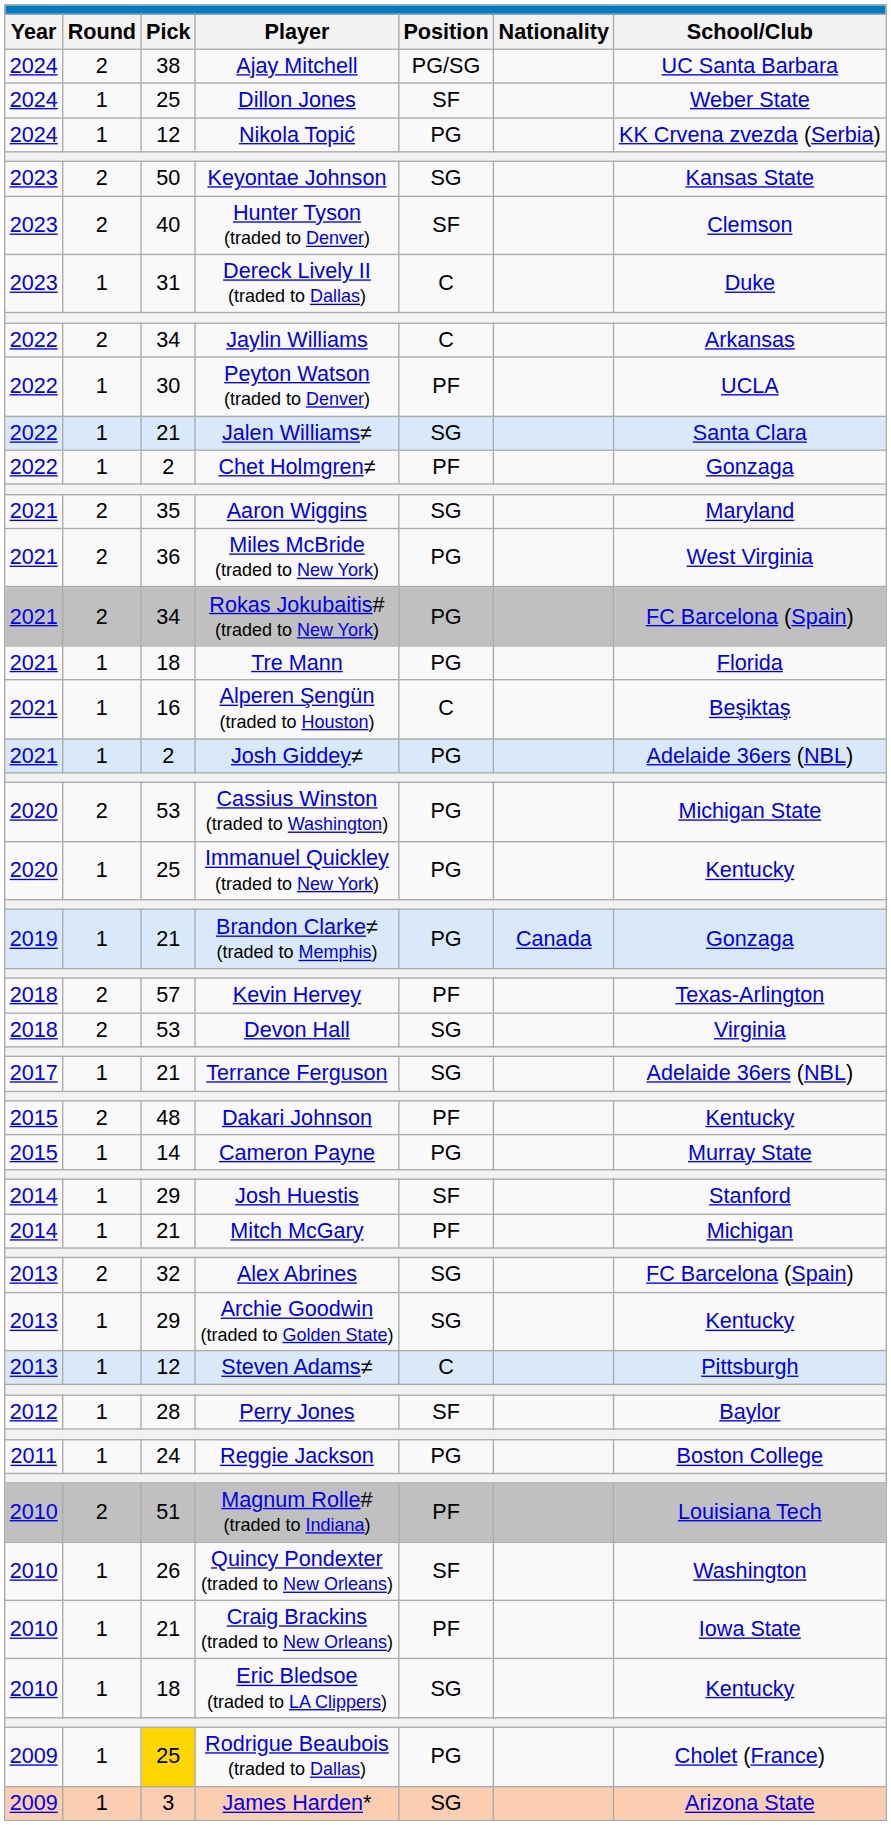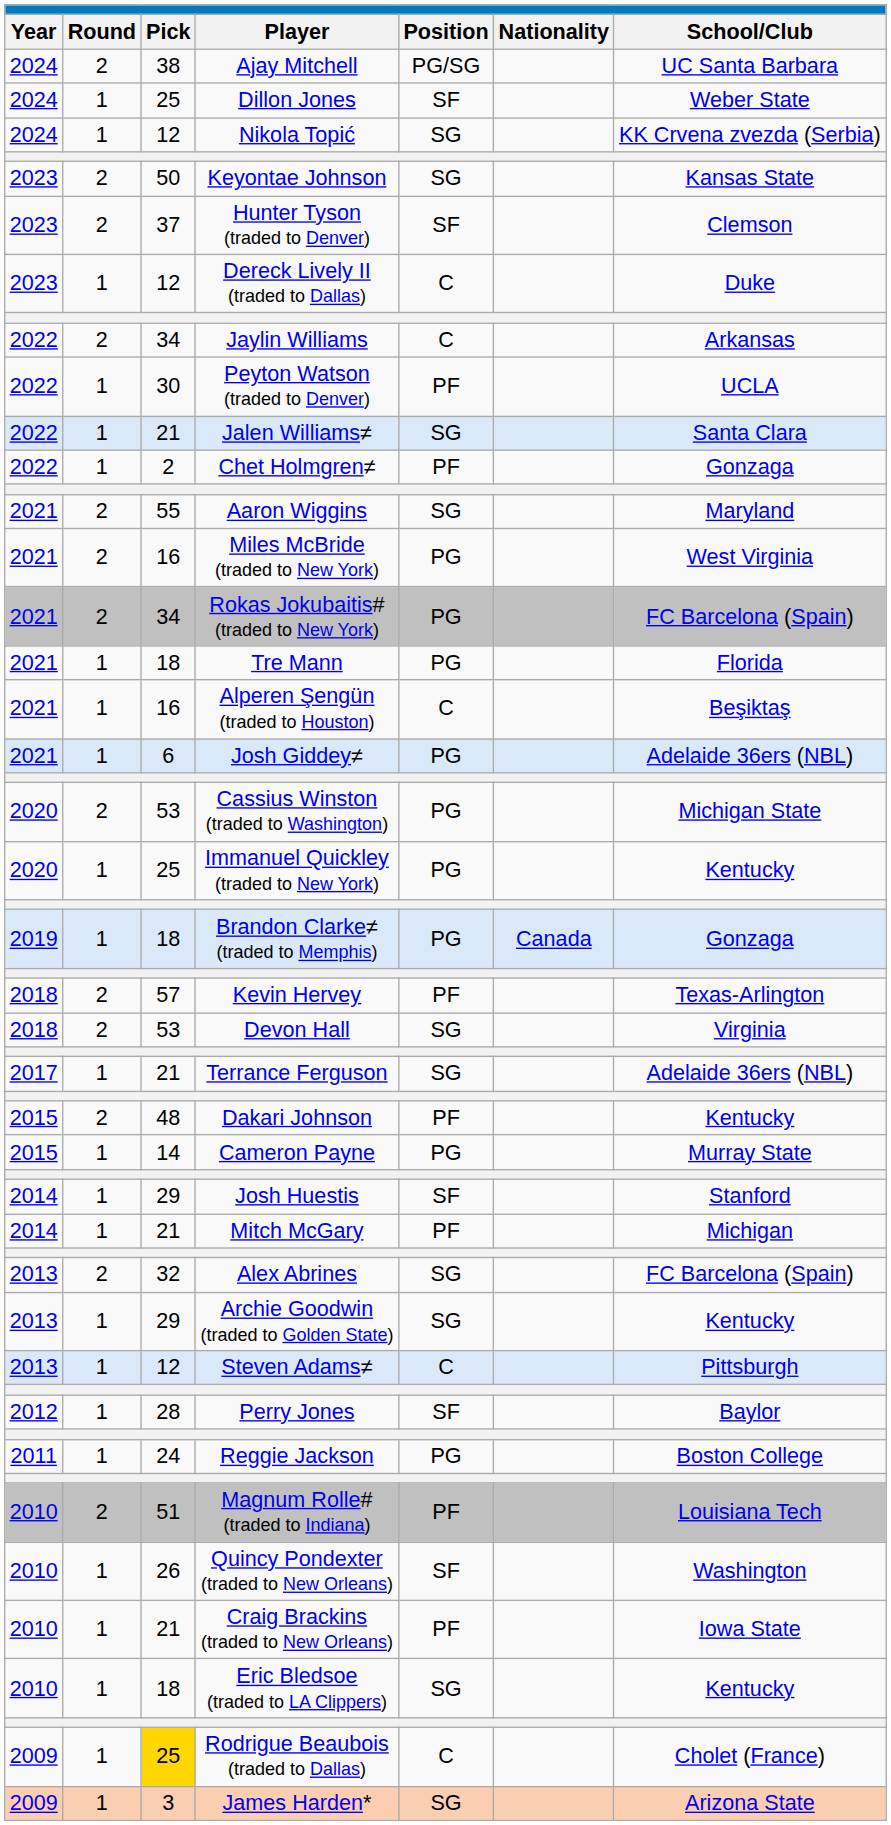 <table class="wikitable">
 <tr>
 <td colspan=7 style="background:#007AC1; text-align: center"></td>
 </tr>
 <tr>
 <th>Year</th>
 <th>Round</th>
 <th>Pick</th>
 <th>Player</th>
 <th>Position</th>
 <th>Nationality</th>
 <th>School/Club</th>
 </tr>
 <tr style="text-align: center">
 <td><a href='#'>2024</a></td>
 <td>2</td>
 <td>38</td>
 <td><a href='#'>Ajay Mitchell</a></td>
 <td>PG/SG</td>
 <td></td>
 <td><a href='#'>UC Santa Barbara</a></td>
 </tr>
 <tr style="text-align: center">
 <td><a href='#'>2024</a></td>
 <td>1</td>
 <td>25</td>
 <td><a href='#'>Dillon Jones</a></td>
 <td>SF</td>
 <td></td>
 <td><a href='#'>Weber State</a></td>
 </tr>
 <tr style="text-align: center">
 <td><a href='#'>2024</a></td>
 <td>1</td>
 <td>12</td>
 <td><a href='#'>Nikola Topić</a></td>
-<td>PG</td>
+<td>SG</td>
 <td></td>
 <td><a href='#'>KK Crvena zvezda</a> (<a href='#'>Serbia</a>)</td>
 </tr>
 <tr>
 <th scope="row" colspan="7" style="text-align:center;”"></th>
 </tr>
 <tr style="text-align: center">
 <td><a href='#'>2023</a></td>
 <td>2</td>
 <td>50</td>
 <td><a href='#'>Keyontae Johnson</a></td>
 <td>SG</td>
 <td></td>
 <td><a href='#'>Kansas State</a></td>
 </tr>
 <tr style="text-align: center">
 <td><a href='#'>2023</a></td>
 <td>2</td>
-<td>40</td>
+<td>37</td>
 <td><a href='#'>Hunter Tyson</a><br><small>(traded to <a href='#'>Denver</a>)</small></td>
 <td>SF</td>
 <td></td>
 <td><a href='#'>Clemson</a></td>
 </tr>
 <tr style="text-align: center">
 <td><a href='#'>2023</a></td>
 <td>1</td>
-<td>31</td>
+<td>12</td>
 <td><a href='#'>Dereck Lively II</a><br><small>(traded to <a href='#'>Dallas</a>)</small></td>
 <td>C</td>
 <td></td>
 <td><a href='#'>Duke</a></td>
 </tr>
 <tr>
 <th scope="row" colspan="7" style="text-align:center;”"></th>
 </tr>
 <tr style="text-align: center">
 <td><a href='#'>2022</a></td>
 <td>2</td>
 <td>34</td>
 <td><a href='#'>Jaylin Williams</a></td>
 <td>C</td>
 <td></td>
 <td><a href='#'>Arkansas</a></td>
 </tr>
 <tr style="text-align: center">
 <td><a href='#'>2022</a></td>
 <td>1</td>
 <td>30</td>
 <td><a href='#'>Peyton Watson</a><br><small>(traded to <a href='#'>Denver</a>)</small></td>
 <td>PF</td>
 <td></td>
 <td><a href='#'>UCLA</a></td>
 </tr>
 <tr style="background-color: #D9E9F9; text-align: center">
 <td><a href='#'>2022</a></td>
 <td>1</td>
 <td>21</td>
 <td><a href='#'>Jalen Williams</a>≠</td>
 <td>SG</td>
 <td></td>
 <td><a href='#'>Santa Clara</a></td>
 </tr>
 <tr style="text-align: center">
 <td><a href='#'>2022</a></td>
 <td>1</td>
 <td>2</td>
 <td><a href='#'>Chet Holmgren</a>≠</td>
 <td>PF</td>
 <td></td>
 <td><a href='#'>Gonzaga</a></td>
 </tr>
 <tr>
 <th scope="row" colspan="7" style="text-align:center;”"></th>
 </tr>
 <tr style="text-align: center">
 <td><a href='#'>2021</a></td>
 <td>2</td>
-<td>35</td>
+<td>55</td>
 <td><a href='#'>Aaron Wiggins</a></td>
 <td>SG</td>
 <td></td>
 <td><a href='#'>Maryland</a></td>
 </tr>
 <tr style="text-align: center">
 <td><a href='#'>2021</a></td>
 <td>2</td>
-<td>36</td>
+<td>16</td>
 <td><a href='#'>Miles McBride</a><br><small>(traded to <a href='#'>New York</a>)</small></td>
 <td>PG</td>
 <td></td>
 <td><a href='#'>West Virginia</a></td>
 </tr>
 <tr style="background-color: #C0C0C0; text-align: center">
 <td><a href='#'>2021</a></td>
 <td>2</td>
 <td>34</td>
 <td><a href='#'>Rokas Jokubaitis</a>#<br><small>(traded to <a href='#'>New York</a>)</small></td>
 <td>PG</td>
 <td></td>
 <td> <a href='#'>FC Barcelona</a> (<a href='#'>Spain</a>)</td>
 </tr>
 <tr style="text-align: center">
 <td><a href='#'>2021</a></td>
 <td>1</td>
 <td>18</td>
 <td><a href='#'>Tre Mann</a></td>
 <td>PG</td>
 <td></td>
 <td><a href='#'>Florida</a></td>
 </tr>
 <tr style="text-align: center">
 <td><a href='#'>2021</a></td>
 <td>1</td>
 <td>16</td>
 <td><a href='#'>Alperen Şengün</a><br><small>(traded to <a href='#'>Houston</a>)</small></td>
 <td>C</td>
 <td></td>
 <td><a href='#'>Beşiktaş</a></td>
 </tr>
 <tr style="background-color: #D9E9F9; text-align: center">
 <td><a href='#'>2021</a></td>
 <td>1</td>
-<td>2</td>
+<td>6</td>
 <td><a href='#'>Josh Giddey</a>≠</td>
 <td>PG</td>
 <td></td>
 <td> <a href='#'>Adelaide 36ers</a> (<a href='#'>NBL</a>)</td>
 </tr>
 <tr>
 <th scope="row" colspan="7" style="text-align:center;”"></th>
 </tr>
 <tr style="text-align: center">
 <td><a href='#'>2020</a></td>
 <td>2</td>
 <td>53</td>
 <td><a href='#'>Cassius Winston</a><br><small>(traded to <a href='#'>Washington</a>)</small></td>
 <td>PG</td>
 <td></td>
 <td><a href='#'>Michigan State</a></td>
 </tr>
 <tr style="text-align: center">
 <td><a href='#'>2020</a></td>
 <td>1</td>
 <td>25</td>
 <td><a href='#'>Immanuel Quickley</a><br><small>(traded to <a href='#'>New York</a>)</small></td>
 <td>PG</td>
 <td></td>
 <td><a href='#'>Kentucky</a></td>
 </tr>
 <tr>
 <th scope="row" colspan="7" style="text-align:center;”"></th>
 </tr>
 <tr style="background-color: #D9E9F9; text-align: center">
 <td><a href='#'>2019</a></td>
 <td>1</td>
-<td>21</td>
+<td>18</td>
 <td><a href='#'>Brandon Clarke</a>≠<br><small>(traded to <a href='#'>Memphis</a>)</small></td>
 <td>PG</td>
 <td> <a href='#'>Canada</a></td>
 <td><a href='#'>Gonzaga</a></td>
 </tr>
 <tr>
 <th scope="row" colspan="7" style="text-align:center;”"></th>
 </tr>
 <tr style="text-align: center">
 <td><a href='#'>2018</a></td>
 <td>2</td>
 <td>57</td>
 <td><a href='#'>Kevin Hervey</a></td>
 <td>PF</td>
 <td></td>
 <td><a href='#'>Texas-Arlington</a></td>
 </tr>
 <tr style="text-align: center">
 <td><a href='#'>2018</a></td>
 <td>2</td>
 <td>53</td>
 <td><a href='#'>Devon Hall</a></td>
 <td>SG</td>
 <td></td>
 <td><a href='#'>Virginia</a></td>
 </tr>
 <tr>
 <th scope="row" colspan="7" style="text-align:center;”"></th>
 </tr>
 <tr style="text-align: center">
 <td><a href='#'>2017</a></td>
 <td>1</td>
 <td>21</td>
 <td><a href='#'>Terrance Ferguson</a></td>
 <td>SG</td>
 <td></td>
 <td> <a href='#'>Adelaide 36ers</a> (<a href='#'>NBL</a>)</td>
 </tr>
 <tr>
 <th scope="row" colspan="7" style="text-align:center;”"></th>
 </tr>
 <tr style="text-align: center">
 <td><a href='#'>2015</a></td>
 <td>2</td>
 <td>48</td>
 <td><a href='#'>Dakari Johnson</a></td>
 <td>PF</td>
 <td></td>
 <td><a href='#'>Kentucky</a></td>
 </tr>
 <tr style="text-align: center">
 <td><a href='#'>2015</a></td>
 <td>1</td>
 <td>14</td>
 <td><a href='#'>Cameron Payne</a></td>
 <td>PG</td>
 <td></td>
 <td><a href='#'>Murray State</a></td>
 </tr>
 <tr>
 <th scope="row" colspan="7" style="text-align:center;”"></th>
 </tr>
 <tr style="text-align: center">
 <td><a href='#'>2014</a></td>
 <td>1</td>
 <td>29</td>
 <td><a href='#'>Josh Huestis</a></td>
 <td>SF</td>
 <td></td>
 <td><a href='#'>Stanford</a></td>
 </tr>
 <tr style="text-align: center">
 <td><a href='#'>2014</a></td>
 <td>1</td>
 <td>21</td>
 <td><a href='#'>Mitch McGary</a></td>
 <td>PF</td>
 <td></td>
 <td><a href='#'>Michigan</a></td>
 </tr>
 <tr>
 <th scope="row" colspan="7" style="text-align:center;”"></th>
 </tr>
 <tr style="text-align: center">
 <td><a href='#'>2013</a></td>
 <td>2</td>
 <td>32</td>
 <td><a href='#'>Alex Abrines</a></td>
 <td>SG</td>
 <td></td>
 <td> <a href='#'>FC Barcelona</a> (<a href='#'>Spain</a>)</td>
 </tr>
 <tr style="text-align: center">
 <td><a href='#'>2013</a></td>
 <td>1</td>
 <td>29</td>
 <td><a href='#'>Archie Goodwin</a><br><small>(traded to <a href='#'>Golden State</a>)</small></td>
 <td>SG</td>
 <td></td>
 <td><a href='#'>Kentucky</a></td>
 </tr>
 <tr style="background-color: #D9E9F9; text-align: center">
 <td><a href='#'>2013</a></td>
 <td>1</td>
 <td>12</td>
 <td><a href='#'>Steven Adams</a>≠</td>
 <td>C</td>
 <td></td>
 <td><a href='#'>Pittsburgh</a></td>
 </tr>
 <tr>
 <th scope="row" colspan="7" style="text-align:center;”"></th>
 </tr>
 <tr style="text-align: center">
 <td><a href='#'>2012</a></td>
 <td>1</td>
 <td>28</td>
 <td><a href='#'>Perry Jones</a></td>
 <td>SF</td>
 <td></td>
 <td><a href='#'>Baylor</a></td>
 </tr>
 <tr>
 <th scope="row" colspan="7" style="text-align:center;”"></th>
 </tr>
 <tr style="text-align: center">
 <td><a href='#'>2011</a></td>
 <td>1</td>
 <td>24</td>
 <td><a href='#'>Reggie Jackson</a></td>
 <td>PG</td>
 <td></td>
 <td><a href='#'>Boston College</a></td>
 </tr>
 <tr>
 <th scope="row" colspan="7" style="text-align:center;”"></th>
 </tr>
 <tr style="background-color: #C0C0C0; text-align: center">
 <td><a href='#'>2010</a></td>
 <td>2</td>
 <td>51</td>
 <td><a href='#'>Magnum Rolle</a>#<br><small>(traded to <a href='#'>Indiana</a>)</small></td>
 <td>PF</td>
 <td></td>
 <td><a href='#'>Louisiana Tech</a></td>
 </tr>
 <tr style="text-align: center">
 <td><a href='#'>2010</a></td>
 <td>1</td>
 <td>26</td>
 <td><a href='#'>Quincy Pondexter</a><br><small>(traded to <a href='#'>New Orleans</a>)</small></td>
 <td>SF</td>
 <td></td>
 <td><a href='#'>Washington</a></td>
 </tr>
 <tr style="text-align: center">
 <td><a href='#'>2010</a></td>
 <td>1</td>
 <td>21</td>
 <td><a href='#'>Craig Brackins</a><br><small>(traded to <a href='#'>New Orleans</a>)</small></td>
 <td>PF</td>
 <td></td>
 <td><a href='#'>Iowa State</a></td>
 </tr>
 <tr style="text-align: center">
 <td><a href='#'>2010</a></td>
 <td>1</td>
 <td>18</td>
 <td><a href='#'>Eric Bledsoe</a><br><small>(traded to <a href='#'>LA Clippers</a>)</small></td>
 <td>SG</td>
 <td></td>
 <td><a href='#'>Kentucky</a></td>
 </tr>
 <tr>
 <th scope="row" colspan="7" style="text-align:center;”"></th>
 </tr>
 <tr style="text-align: center">
 <td><a href='#'>2009</a></td>
 <td>1</td>
 <td style="background: gold;">25</td>
 <td><a href='#'>Rodrigue Beaubois</a><br><small>(traded to <a href='#'>Dallas</a>)</small></td>
-<td>PG</td>
+<td>C</td>
 <td></td>
 <td> <a href='#'>Cholet</a> (<a href='#'>France</a>)</td>
 </tr>
 <tr style="background-color: #FBCEB1; text-align: center">
 <td><a href='#'>2009</a></td>
 <td>1</td>
 <td>3</td>
 <td><a href='#'>James Harden</a>*</td>
 <td>SG</td>
 <td></td>
 <td><a href='#'>Arizona State</a></td>
 </tr>
 </table>
